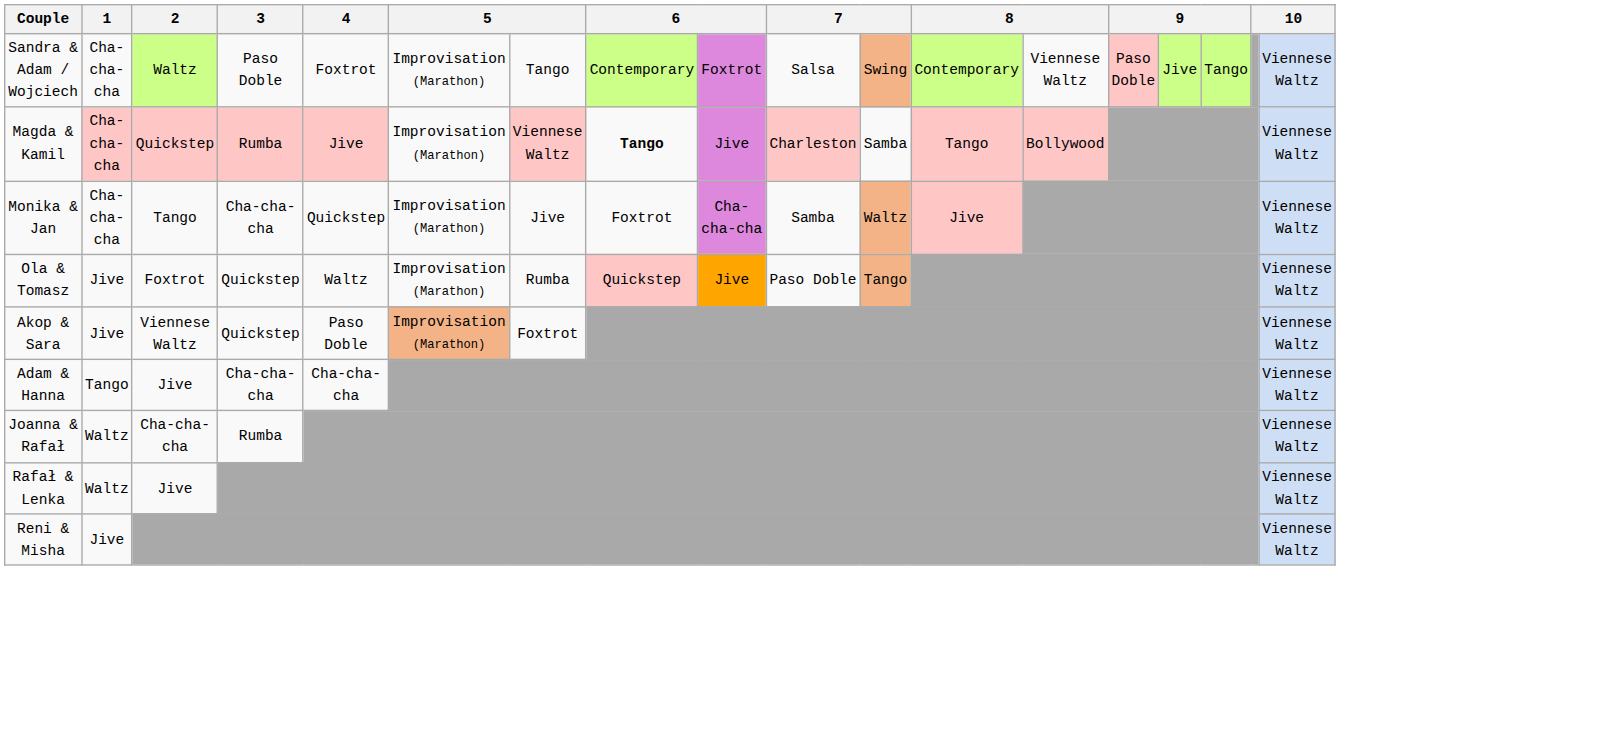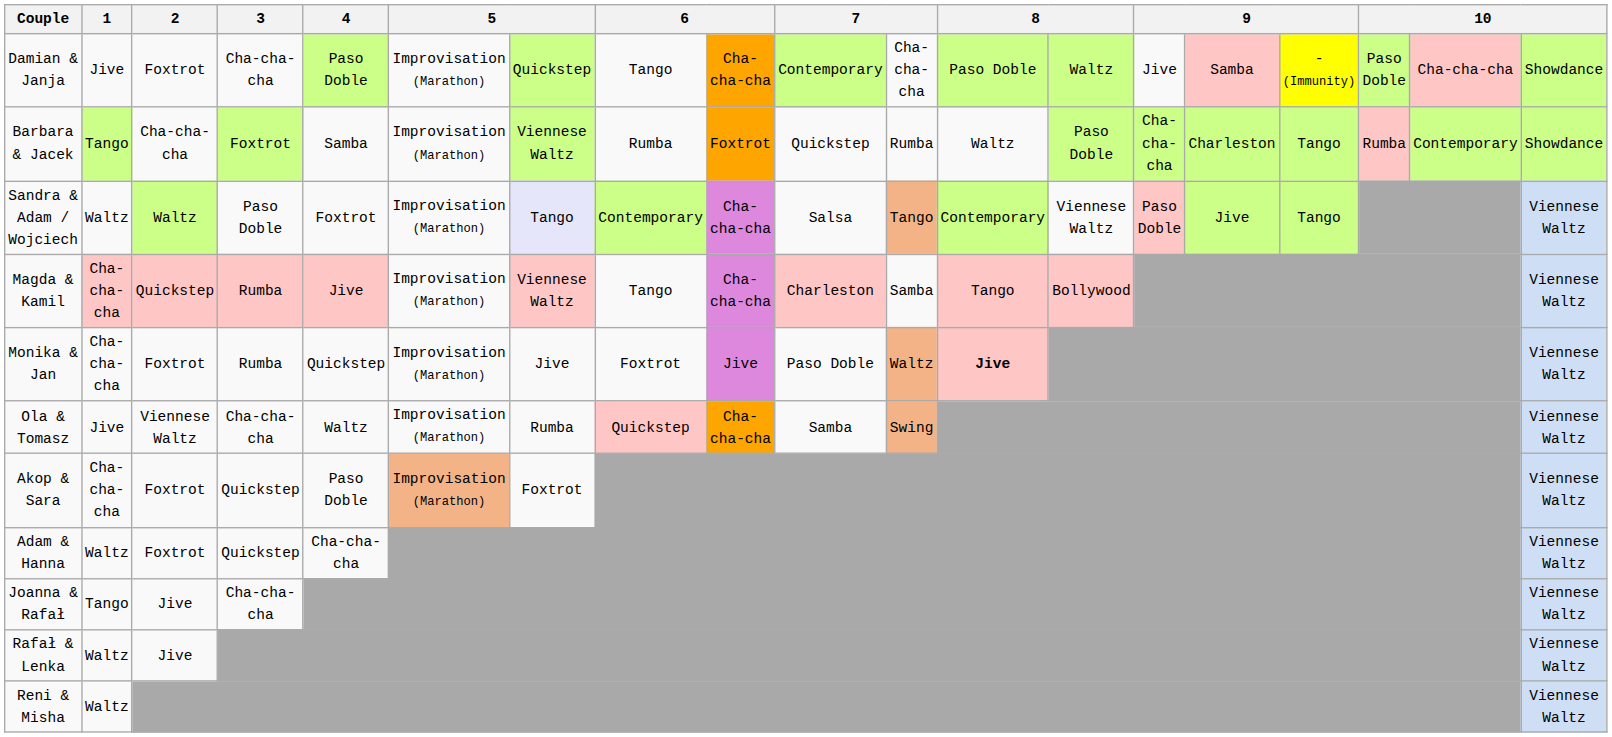 <table class="wikitable" style="text-align:center; font-size:81%; line-height:16px">
 <tr>
 <th>Couple</th>
 <th>1</th>
 <th>2</th>
 <th>3</th>
 <th>4</th>
 <th colspan="2">5</th>
 <th colspan="2">6</th>
 <th colspan="2">7</th>
 <th colspan="2">8</th>
 <th colspan="3">9</th>
 <th colspan="3">10</th>
 </tr>
 <tr>
+<td>Damian & Janja</td>
+<td>Jive</td>
+<td>Foxtrot</td>
+<td>Cha-cha-cha</td>
+<td style="background:#ccff88">Paso Doble</td>
+<td>Improvisation<br><small>(Marathon)</small></td>
+<td style="background:#ccff88">Quickstep</td>
+<td>Tango</td>
+<td style="background:orange">Cha-cha-cha</td>
+<td style="background:#ccff88">Contemporary</td>
+<td>Cha-cha-cha</td>
+<td style="background:#ccff88">Paso Doble</td>
+<td style="background:#ccff88">Waltz</td>
+<td>Jive</td>
+<td style="background:#ffc6c6">Samba</td>
+<td style="background:yellow;">-<br><small>(Immunity)</small></td>
+<td style="background:#ccff88">Paso Doble</td>
+<td style="background:#ffc6c6">Cha-cha-cha</td>
+<td style="background:#ccff88">Showdance</td>
+</tr>
+<tr>
+<td>Barbara & Jacek</td>
+<td style="background:#ccff88">Tango</td>
+<td>Cha-cha-cha</td>
+<td style="background:#ccff88">Foxtrot</td>
+<td>Samba</td>
+<td>Improvisation<br><small>(Marathon)</small></td>
+<td style="background:#ccff88">Viennese Waltz</td>
+<td>Rumba</td>
+<td style="background:orange">Foxtrot</td>
+<td>Quickstep</td>
+<td>Rumba</td>
+<td>Waltz</td>
+<td style="background:#ccff88">Paso Doble</td>
+<td style="background:#ccff88">Cha-cha-cha</td>
+<td style="background:#ccff88">Charleston</td>
+<td style="background:#ccff88">Tango</td>
+<td style="background:#ffc6c6">Rumba</td>
+<td style="background:#ccff88">Contemporary</td>
+<td style="background:#ccff88">Showdance</td>
+</tr>
+<tr>
 <td>Sandra & Adam / Wojciech</td>
-<td>Cha-cha-cha</td>
+<td>Waltz</td>
 <td style="background:#ccff88">Waltz</td>
 <td>Paso Doble</td>
 <td>Foxtrot</td>
 <td>Improvisation<br><small>(Marathon)</small></td>
-<td>Tango</td>
+<td style="background: lavender;">Tango</td>
 <td style="background:#ccff88">Contemporary</td>
-<td style="background:#dd88dd">Foxtrot</td>
+<td style="background:#dd88dd">Cha-cha-cha</td>
 <td>Salsa</td>
-<td style="background:#F3B387;">Swing</td>
+<td style="background:#F3B387;">Tango</td>
 <td style="background:#ccff88">Contemporary</td>
 <td>Viennese Waltz</td>
 <td style="background:#ffc6c6">Paso Doble</td>
 <td style="background:#ccff88">Jive</td>
 <td style="background:#ccff88">Tango</td>
 <td style="background:darkgrey;" colspan="2"></td>
 <td style="background:#CEDEF4">Viennese Waltz</td>
 </tr>
 <tr>
 <td>Magda & Kamil</td>
 <td style="background:#ffc6c6">Cha-cha-cha</td>
 <td style="background:#ffc6c6">Quickstep</td>
 <td style="background:#ffc6c6">Rumba</td>
 <td style="background:#ffc6c6">Jive</td>
 <td>Improvisation<br><small>(Marathon)</small></td>
 <td style="background:#ffc6c6">Viennese Waltz</td>
-<td><strong>Tango</strong></td>
-<td style="background:#dd88dd">Jive</td>
+<td>Tango</td>
+<td style="background:#dd88dd">Cha-cha-cha</td>
 <td style="background:#ffc6c6">Charleston</td>
 <td>Samba</td>
 <td style="background:#ffc6c6">Tango</td>
 <td style="background:#ffc6c6">Bollywood</td>
 <td style="background:darkgrey;" colspan="5"></td>
 <td style="background:#CEDEF4">Viennese Waltz</td>
 </tr>
 <tr>
 <td>Monika & Jan</td>
 <td>Cha-cha-cha</td>
-<td>Tango</td>
-<td>Cha-cha-cha</td>
+<td>Foxtrot</td>
+<td>Rumba</td>
 <td>Quickstep</td>
 <td>Improvisation<br><small>(Marathon)</small></td>
 <td>Jive</td>
 <td>Foxtrot</td>
-<td style="background:#dd88dd">Cha-cha-cha</td>
-<td>Samba</td>
+<td style="background:#dd88dd">Jive</td>
+<td>Paso Doble</td>
 <td style="background:#F3B387;">Waltz</td>
-<td style="background:#ffc6c6">Jive</td>
+<td style="background:#ffc6c6"><strong>Jive</strong></td>
 <td style="background:darkgrey;" colspan="6"></td>
 <td style="background:#CEDEF4">Viennese Waltz</td>
 </tr>
 <tr>
 <td>Ola & Tomasz</td>
 <td>Jive</td>
-<td>Foxtrot</td>
-<td>Quickstep</td>
+<td>Viennese Waltz</td>
+<td>Cha-cha-cha</td>
 <td>Waltz</td>
 <td>Improvisation<br><small>(Marathon)</small></td>
 <td>Rumba</td>
 <td style="background:#ffc6c6">Quickstep</td>
-<td style="background:orange">Jive</td>
-<td>Paso Doble</td>
-<td style="background:#F3B387;">Tango</td>
+<td style="background:orange">Cha-cha-cha</td>
+<td>Samba</td>
+<td style="background:#F3B387;">Swing</td>
 <td style="background:darkgrey;" colspan="7"></td>
 <td style="background:#CEDEF4">Viennese Waltz</td>
 </tr>
 <tr>
 <td>Akop & Sara</td>
-<td>Jive</td>
-<td>Viennese Waltz</td>
+<td>Cha-cha-cha</td>
+<td>Foxtrot</td>
 <td>Quickstep</td>
 <td>Paso Doble</td>
 <td style="background:#F3B387;">Improvisation<br><small>(Marathon)</small></td>
 <td>Foxtrot</td>
 <td style="background:darkgrey;" colspan="11"></td>
 <td style="background:#CEDEF4">Viennese Waltz</td>
 </tr>
 <tr>
 <td>Adam & Hanna</td>
-<td>Tango</td>
-<td>Jive</td>
-<td>Cha-cha-cha</td>
+<td>Waltz</td>
+<td>Foxtrot</td>
+<td>Quickstep</td>
 <td>Cha-cha-cha</td>
 <td style="background:darkgrey;" colspan="13"></td>
 <td style="background:#CEDEF4">Viennese Waltz</td>
 </tr>
 <tr>
 <td>Joanna & Rafał</td>
-<td>Waltz</td>
+<td>Tango</td>
+<td>Jive</td>
 <td>Cha-cha-cha</td>
-<td>Rumba</td>
 <td style="background:darkgrey;" colspan="14"></td>
 <td style="background:#CEDEF4">Viennese Waltz</td>
 </tr>
 <tr>
 <td>Rafał & Lenka</td>
 <td>Waltz</td>
 <td>Jive</td>
 <td style="background:darkgrey;" colspan="15"></td>
 <td style="background:#CEDEF4">Viennese Waltz</td>
 </tr>
 <tr>
 <td>Reni & Misha</td>
-<td>Jive</td>
+<td>Waltz</td>
 <td style="background:darkgrey;" colspan="16"></td>
 <td style="background:#CEDEF4">Viennese Waltz</td>
 </tr>
 </table>
